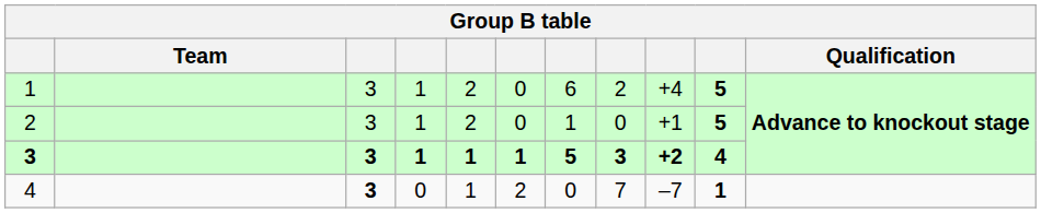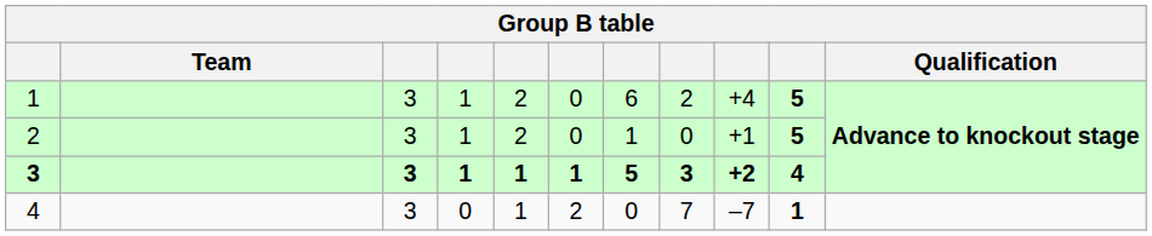 <table class="wikitable" style="text-align: center;">
 <tr>
 <th colspan="11">Group B table</th>
 </tr>
 <tr>
 <th width=30></th>
 <th width="210">Team</th>
 <th width=30></th>
 <th width=30></th>
 <th width=30></th>
 <th width=30></th>
 <th width=30></th>
 <th width=30></th>
 <th width=30></th>
 <th width=30></th>
 <th width=210>Qualification</th>
 </tr>
 <tr bgcolor=#ccffcc>
 <td>1</td>
 <td align="left"></td>
 <td>3</td>
 <td>1</td>
 <td>2</td>
 <td>0</td>
 <td>6</td>
 <td>2</td>
 <td>+4</td>
 <td><strong>5</strong></td>
 <td rowspan="3"><strong>Advance to knockout stage</strong></td>
 </tr>
 <tr bgcolor=#ccffcc>
 <td>2</td>
 <td align="left"></td>
 <td>3</td>
 <td>1</td>
 <td>2</td>
 <td>0</td>
 <td>1</td>
 <td>0</td>
 <td>+1</td>
 <td><strong>5</strong></td>
 </tr>
 <tr bgcolor=#ccffcc>
 <td><strong>3</strong></td>
 <td align="left"><strong></strong></td>
 <td><strong>3</strong></td>
 <td><strong>1</strong></td>
 <td><strong>1</strong></td>
 <td><strong>1</strong></td>
 <td><strong>5</strong></td>
 <td><strong>3</strong></td>
 <td><strong>+2</strong></td>
 <td><strong>4</strong></td>
 </tr>
 <tr>
 <td>4</td>
 <td align="left"></td>
-<td><strong>3</strong></td>
+<td>3</td>
 <td>0</td>
 <td>1</td>
 <td>2</td>
 <td>0</td>
 <td>7</td>
 <td>–7</td>
 <td><strong>1</strong></td>
 <td></td>
 </tr>
 </table>
